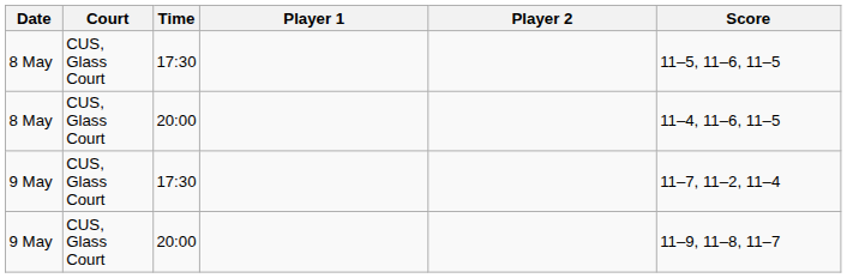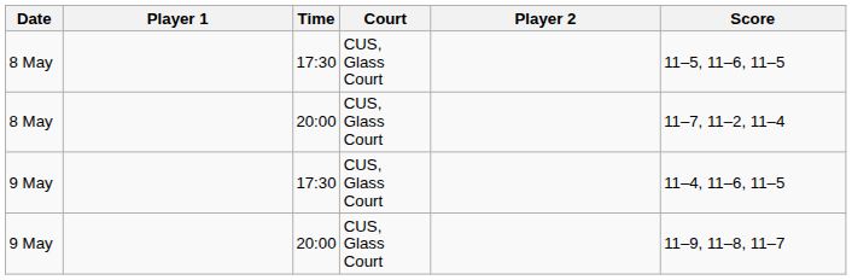 <table class="sortable wikitable" style="font-size:90%">
 <tr>
 <th width="45" class="unsortable">Date</th>
+<th width="200">Player 1</th>
+<th width="30">Time</th>
 <th width="75">Court</th>
-<th width="30">Time</th>
-<th width="200">Player 1</th>
 <th width="200">Player 2</th>
 <th width="160" class="unsortable">Score</th>
 </tr>
 <tr>
 <td>8 May</td>
+<td><strong></strong></td>
+<td>17:30</td>
 <td>CUS, Glass Court</td>
-<td>17:30</td>
-<td><strong></strong></td>
 <td></td>
 <td>11–5, 11–6, 11–5</td>
 </tr>
 <tr>
 <td>8 May</td>
+<td></td>
+<td>20:00</td>
 <td>CUS, Glass Court</td>
-<td>20:00</td>
+<td><strong></strong></td>
+<td>11–7, 11–2, 11–4</td>
+</tr>
+<tr>
+<td>9 May</td>
 <td></td>
+<td>17:30</td>
+<td>CUS, Glass Court</td>
 <td><strong></strong></td>
 <td>11–4, 11–6, 11–5</td>
 </tr>
 <tr>
 <td>9 May</td>
+<td><strong></strong></td>
+<td>20:00</td>
 <td>CUS, Glass Court</td>
-<td>17:30</td>
-<td></td>
-<td><strong></strong></td>
-<td>11–7, 11–2, 11–4</td>
-</tr>
-<tr>
-<td>9 May</td>
-<td>CUS, Glass Court</td>
-<td>20:00</td>
-<td><strong></strong></td>
 <td></td>
 <td>11–9, 11–8, 11–7</td>
 </tr>
 </table>
